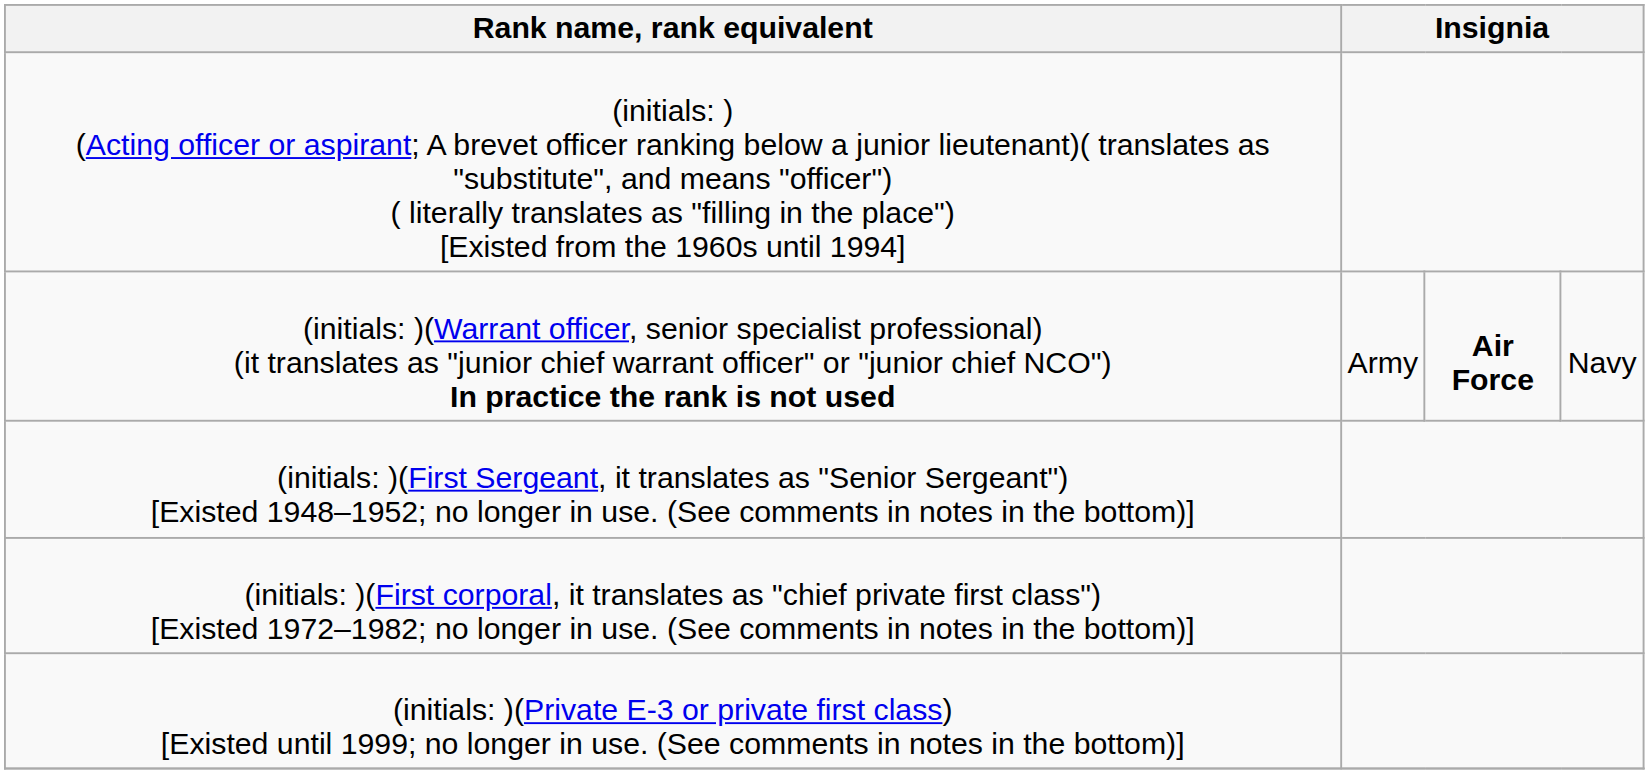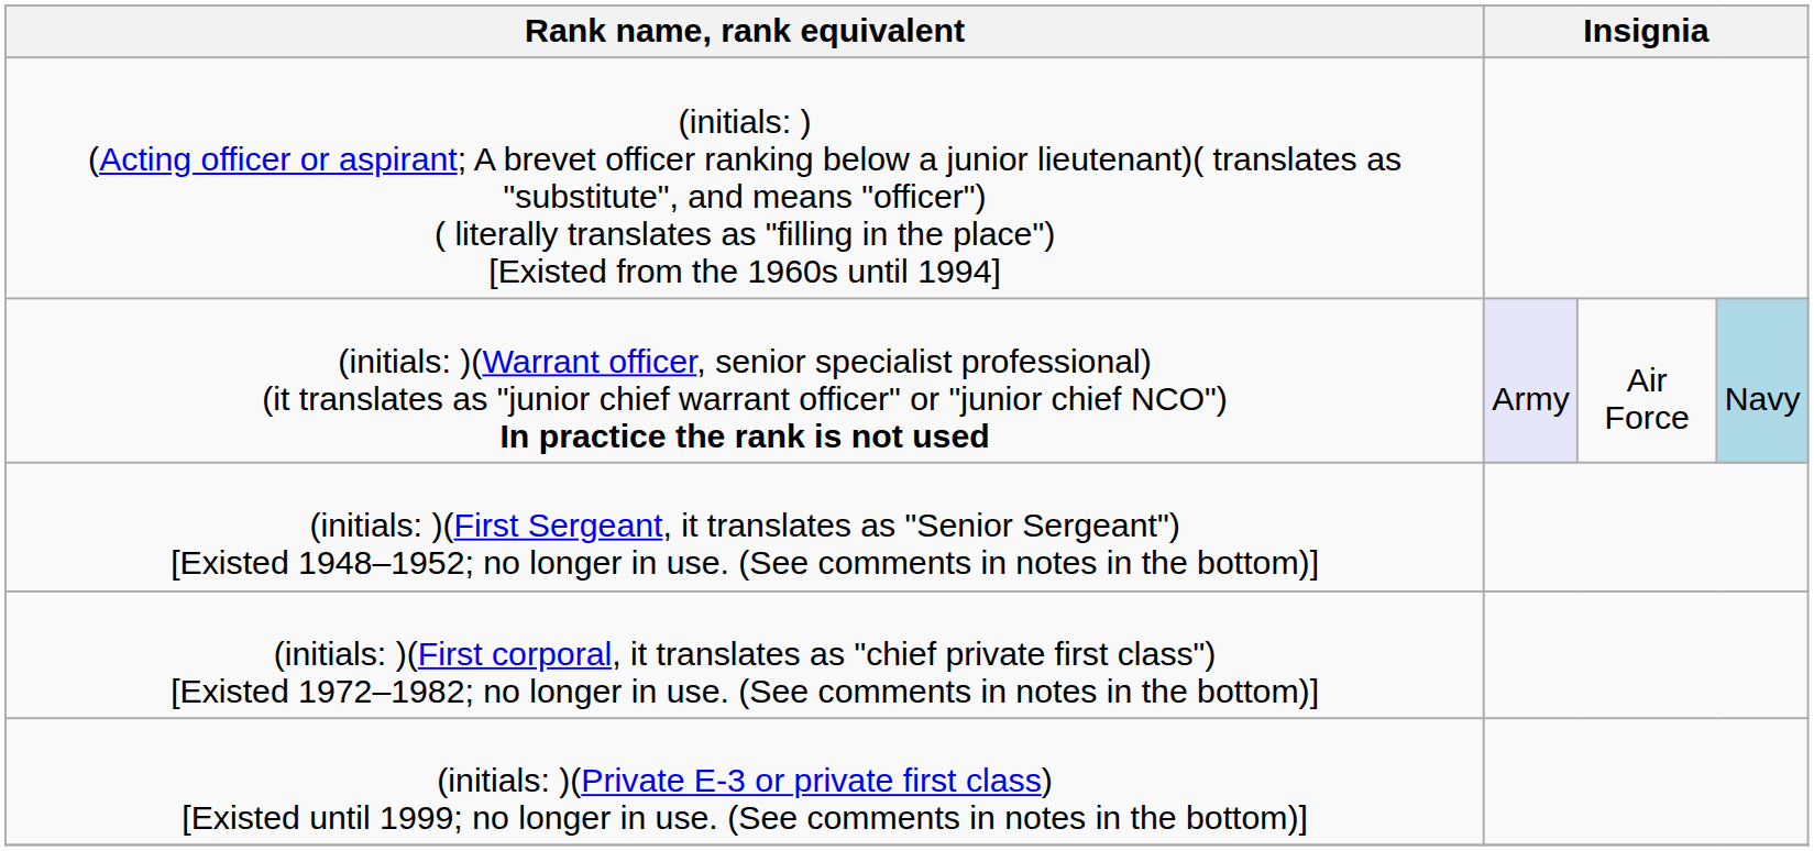 <table class="wikitable" style="text-align:center;">
 <tr>
 <th>Rank name, rank equivalent</th>
 <th colspan="3">Insignia</th>
 </tr>
 <tr>
 <td><br> (initials: )<br>(<a href='#'>Acting officer or aspirant</a>; A brevet officer ranking below a junior lieutenant)( translates as "substitute", and  means "officer")<br>( literally translates as "filling in the place")<br>[Existed from the 1960s until 1994]</td>
 <td colspan="3"></td>
 </tr>
 <tr>
 <td><br> (initials: )(<a href='#'>Warrant officer</a>, senior specialist professional)<br>(it translates as "junior chief warrant officer" or "junior chief NCO")<br><strong>In practice the rank is not used</strong></td>
-<td><br>Army</td>
-<td><strong><br>Air Force</strong></td>
-<td><br>Navy</td>
+<td style="background: lavender;"><br>Army</td>
+<td><br>Air Force</td>
+<td style="background: lightblue;"><br>Navy</td>
 </tr>
 <tr>
 <td><br> (initials: )(<a href='#'>First Sergeant</a>, it translates as "Senior Sergeant")<br>[Existed 1948–1952; no longer in use. (See comments in notes in the bottom)]</td>
 <td colspan="3"></td>
 </tr>
 <tr>
 <td><br> (initials: )(<a href='#'>First corporal</a>, it translates as "chief private first class")<br>[Existed 1972–1982; no longer in use. (See comments in notes in the bottom)]</td>
 <td colspan="3"></td>
 </tr>
 <tr>
 <td><br> (initials: )(<a href='#'>Private E-3 or private first class</a>)<br>[Existed until 1999; no longer in use. (See comments in notes in the bottom)]</td>
 <td colspan="3"></td>
 </tr>
 <tr>
 </tr>
 </table>
